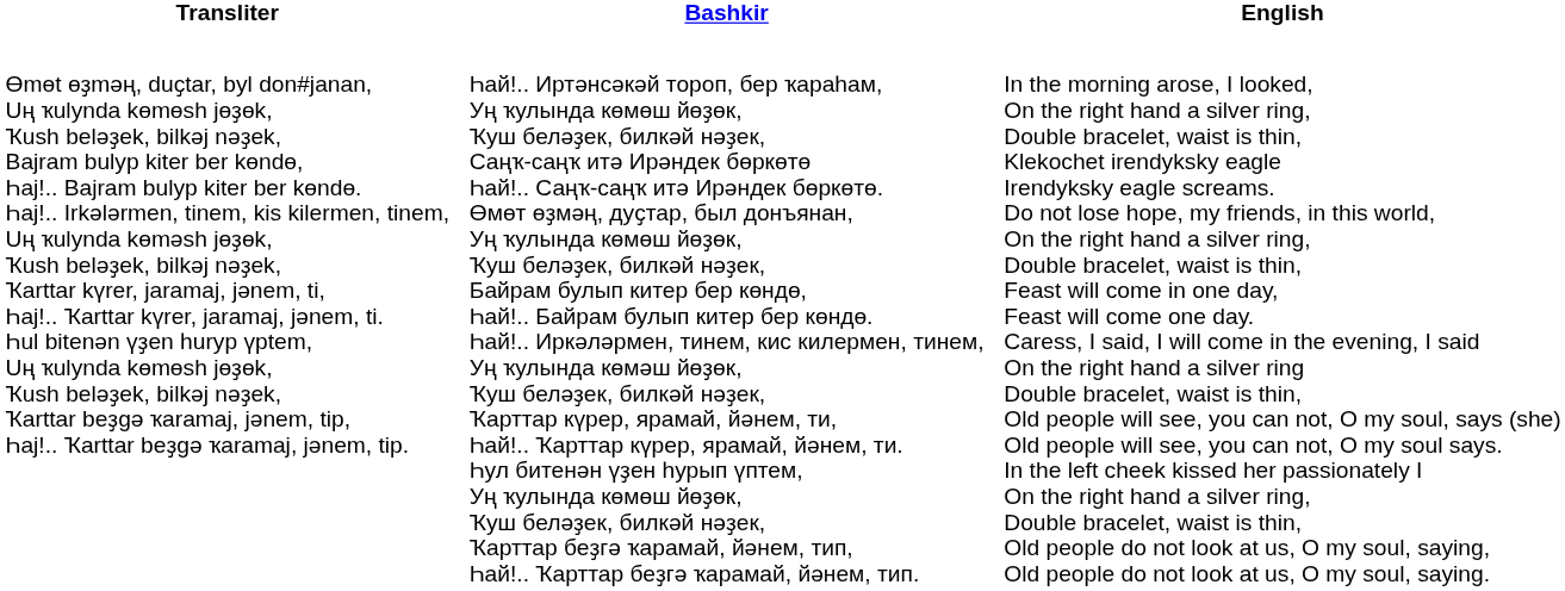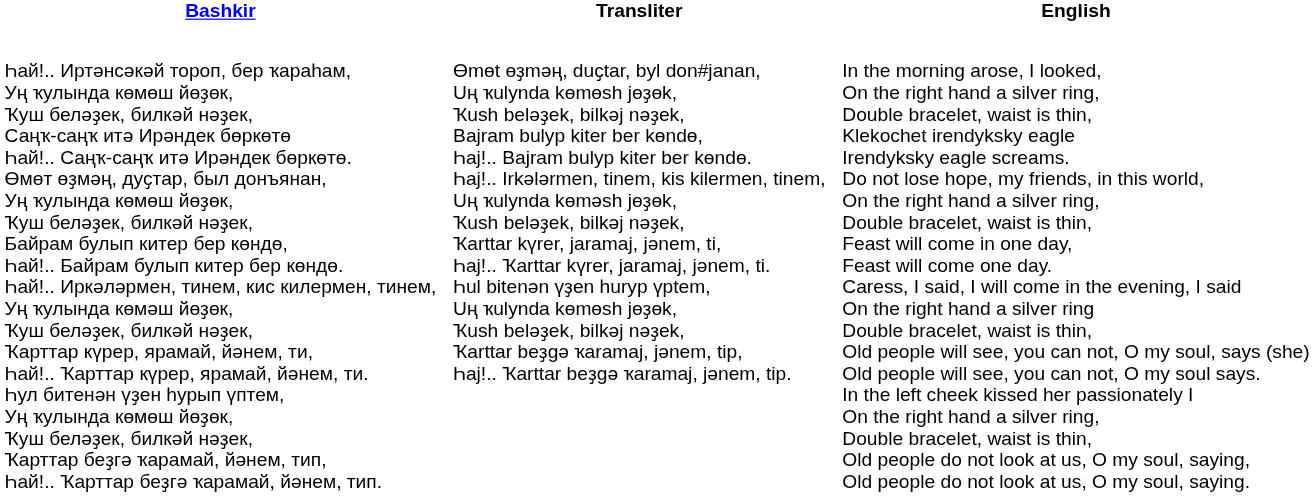 <table cellpadding=6>
 <tr>
+<th><a href='#'>Bashkir</a></th>
 <th>Transliter</th>
-<th><a href='#'>Bashkir</a></th>
 <th>English</th>
 </tr>
 <tr style="vertical-align:top; white-space:nowrap;">
+<td><br>Һай!.. Иртәнсәкәй тороп, бер ҡараһам,<br> Уң ҡулында көмөш йөҙөк,<br> Ҡуш беләҙек, билкәй нәҙек,<br> Саңҡ-саңҡ итә Ирәндек бөркөтө <br> Һай!.. Саңҡ-саңҡ итә Ирәндек бөркөтө.<br>Өмөт өҙмәң, дуҫтар, был донъянан,<br> Уң ҡулында көмөш йөҙөк,<br> Ҡуш беләҙек, билкәй нәҙек,<br> Байрам булып китер бер көндө,<br> Һай!.. Байрам булып китер бер көндө.<br>Һай!.. Иркәләрмен, тинем, кис килермен, тинем,<br> Уң ҡулында көмәш йөҙөк,<br> Ҡуш беләҙек, билкәй нәҙек,<br> Ҡарттар күрер, ярамай, йәнем, ти,<br> Һай!.. Ҡарттар күрер, ярамай, йәнем, ти.<br>Һул битенән үҙен һурып үптем,<br> Уң ҡулында көмөш йөҙөк,<br> Ҡуш беләҙек, билкәй нәҙек,<br> Ҡарттар беҙгә ҡарамай, йәнем, тип,<br> Һай!.. Ҡарттар беҙгә ҡарамай, йәнем, тип.</td>
 <td><br>Өmөt өҙmәң, duҫtar, byl don#janan,<br> Uң ҡulynda kөmөsh jөҙөk,<br> Ҡush belәҙek, bilkәj nәҙek,<br> Bajram bulyp kiter ber kөndө,<br> Һaj!.. Bajram bulyp kiter ber kөndө.<br>Һaj!.. Irkәlәrmen, tinem, kis kilermen, tinem,<br> Uң ҡulynda kөmәsh jөҙөk,<br> Ҡush belәҙek, bilkәj nәҙek,<br> Ҡarttar kүrer, jaramaj, jәnem, ti,<br> Һaj!.. Ҡarttar kүrer, jaramaj, jәnem, ti.<br>Һul bitenәn үҙen һuryp үptem,<br> Uң ҡulynda kөmөsh jөҙөk,<br> Ҡush belәҙek, bilkәj nәҙek,<br> Ҡarttar beҙgә ҡaramaj, jәnem, tip,<br> Һaj!.. Ҡarttar beҙgә ҡaramaj, jәnem, tip.</td>
-<td><br>Һай!.. Иртәнсәкәй тороп, бер ҡараһам,<br> Уң ҡулында көмөш йөҙөк,<br> Ҡуш беләҙек, билкәй нәҙек,<br> Саңҡ-саңҡ итә Ирәндек бөркөтө <br> Һай!.. Саңҡ-саңҡ итә Ирәндек бөркөтө.<br>Өмөт өҙмәң, дуҫтар, был донъянан,<br> Уң ҡулында көмөш йөҙөк,<br> Ҡуш беләҙек, билкәй нәҙек,<br> Байрам булып китер бер көндө,<br> Һай!.. Байрам булып китер бер көндө.<br>Һай!.. Иркәләрмен, тинем, кис килермен, тинем,<br> Уң ҡулында көмәш йөҙөк,<br> Ҡуш беләҙек, билкәй нәҙек,<br> Ҡарттар күрер, ярамай, йәнем, ти,<br> Һай!.. Ҡарттар күрер, ярамай, йәнем, ти.<br>Һул битенән үҙен һурып үптем,<br> Уң ҡулында көмөш йөҙөк,<br> Ҡуш беләҙек, билкәй нәҙек,<br> Ҡарттар беҙгә ҡарамай, йәнем, тип,<br> Һай!.. Ҡарттар беҙгә ҡарамай, йәнем, тип.</td>
 <td><br>In the morning arose, I looked,<br> On the right hand a silver ring,<br> Double bracelet, waist is thin,<br> Klekochet irendyksky eagle<br> Irendyksky eagle screams.<br>Do not lose hope, my friends, in this world,<br> On the right hand a silver ring,<br> Double bracelet, waist is thin,<br> Feast will come in one day,<br> Feast will come one day.<br>Caress, I said, I will come in the evening, I said <br> On the right hand a silver ring <br> Double bracelet, waist is thin,<br> Old people will see, you can not, O my soul, says (she)<br> Old people will see, you can not, O my soul says.<br>In the left cheek kissed her passionately I<br> On the right hand a silver ring,<br> Double bracelet, waist is thin,<br> Old people do not look at us, O my soul, saying,<br> Old people do not look at us, O my soul, saying.</td>
 </tr>
 </table>
